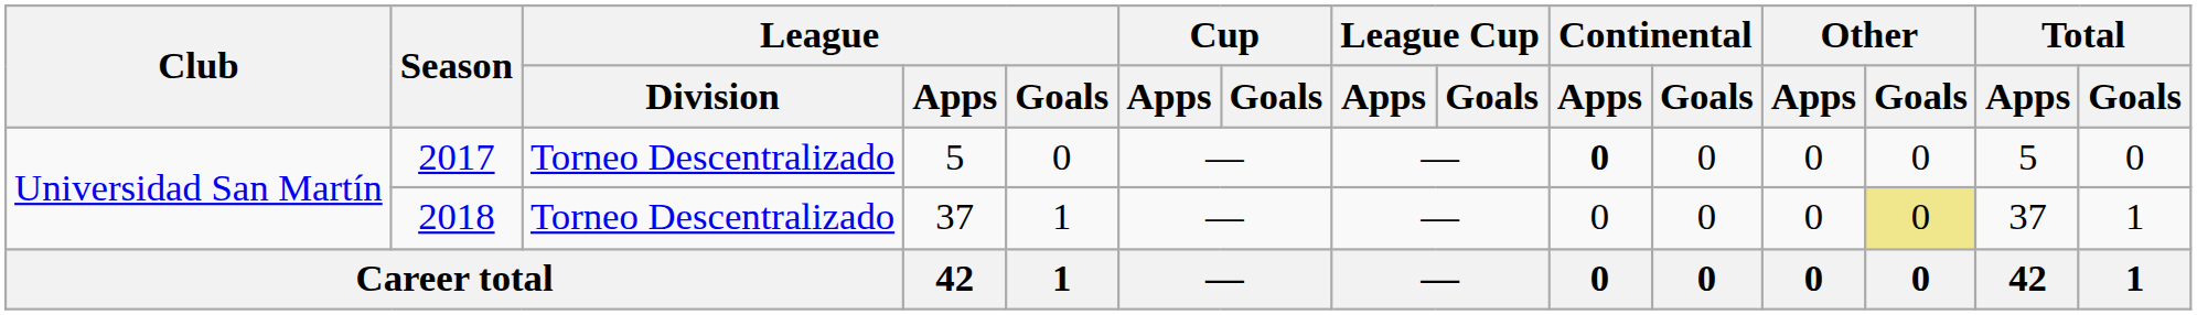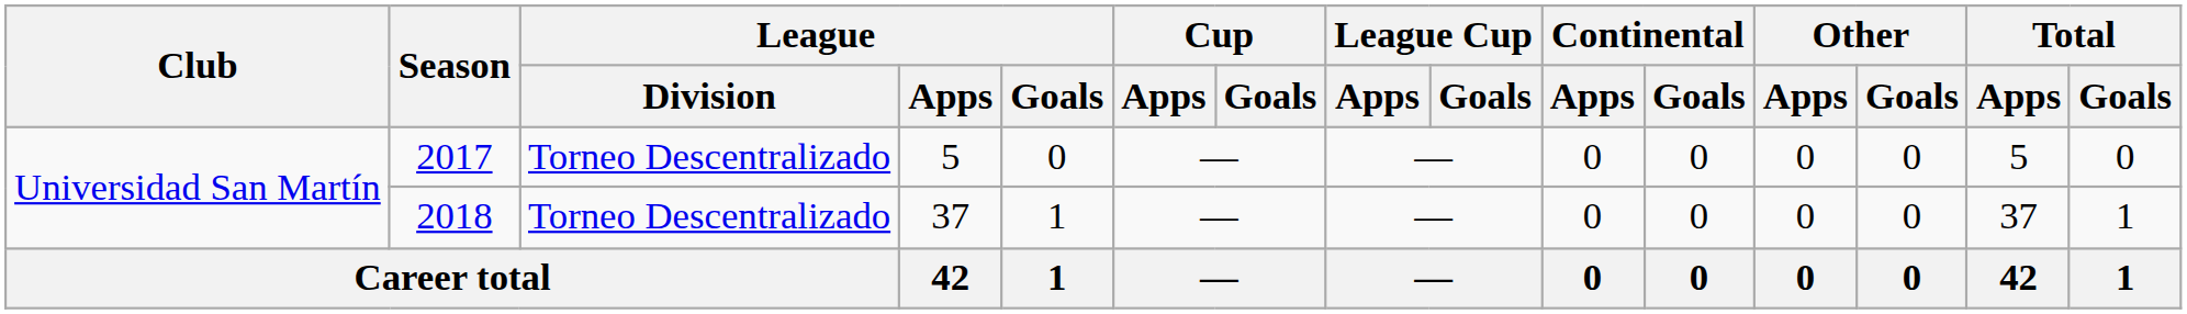 <table class="wikitable" style="text-align: center">
 <tr>
 <th rowspan="2">Club</th>
 <th rowspan="2">Season</th>
 <th colspan="3">League</th>
 <th colspan="2">Cup</th>
 <th colspan="2">League Cup</th>
 <th colspan="2">Continental</th>
 <th colspan="2">Other</th>
 <th colspan="2">Total</th>
 </tr>
 <tr>
 <th>Division</th>
 <th>Apps</th>
 <th>Goals</th>
 <th>Apps</th>
 <th>Goals</th>
 <th>Apps</th>
 <th>Goals</th>
 <th>Apps</th>
 <th>Goals</th>
 <th>Apps</th>
 <th>Goals</th>
 <th>Apps</th>
 <th>Goals</th>
 </tr>
 <tr>
 <td rowspan="2"><a href='#'>Universidad San Martín</a></td>
 <td><a href='#'>2017</a></td>
 <td><a href='#'>Torneo Descentralizado</a></td>
 <td>5</td>
 <td>0</td>
 <td colspan="2">—</td>
 <td colspan="2">—</td>
-<td><strong>0</strong></td>
+<td>0</td>
 <td>0</td>
 <td>0</td>
 <td>0</td>
 <td>5</td>
 <td>0</td>
 </tr>
 <tr>
 <td><a href='#'>2018</a></td>
 <td><a href='#'>Torneo Descentralizado</a></td>
 <td>37</td>
 <td>1</td>
 <td colspan="2">—</td>
 <td colspan="2">—</td>
 <td>0</td>
 <td>0</td>
 <td>0</td>
-<td style="background: khaki;">0</td>
+<td>0</td>
 <td>37</td>
 <td>1</td>
 </tr>
 <tr>
 <th colspan="3">Career total</th>
 <th>42</th>
 <th>1</th>
 <th colspan="2">—</th>
 <th colspan="2">—</th>
 <th>0</th>
 <th>0</th>
 <th>0</th>
 <th>0</th>
 <th>42</th>
 <th>1</th>
 </tr>
 </table>
